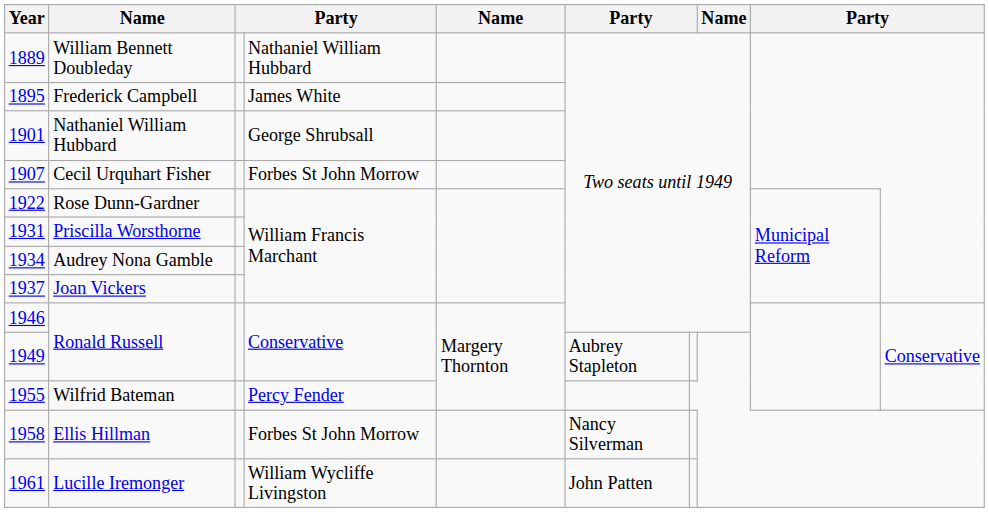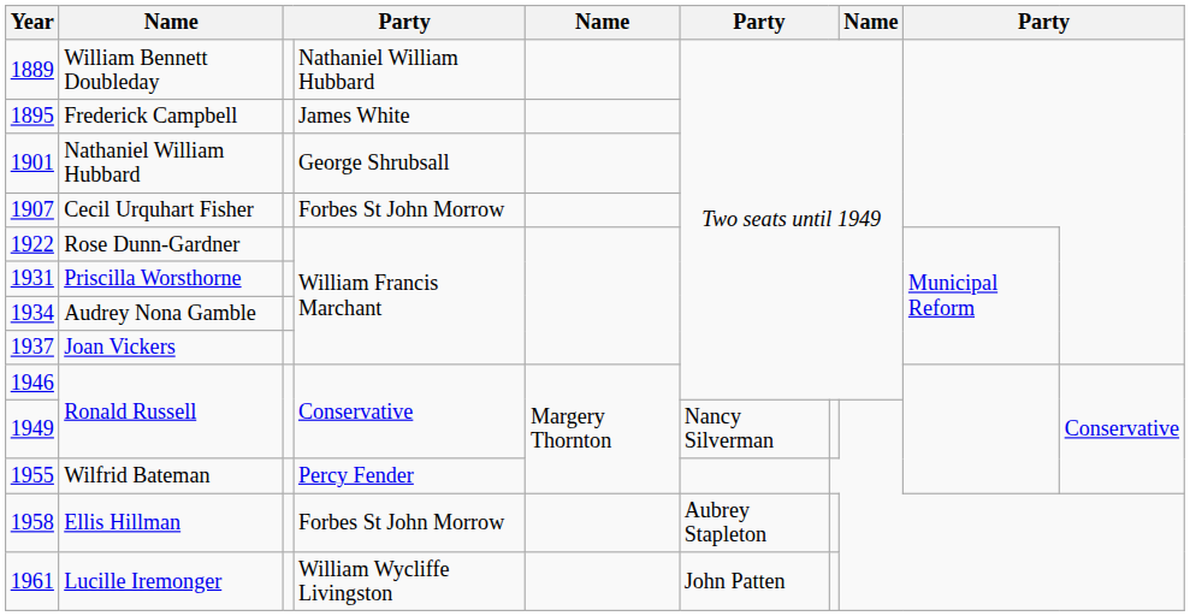 <table class="wikitable">
 <tr>
 <th>Year</th>
 <th>Name</th>
 <th colspan=2>Party</th>
 <th>Name</th>
 <th colspan=2>Party</th>
 <th>Name</th>
 <th colspan=2>Party</th>
 </tr>
 <tr>
 <td><a href='#'>1889</a></td>
 <td>William Bennett Doubleday</td>
 <td></td>
 <td>Nathaniel William Hubbard</td>
 <td></td>
 <td rowspan=9 colspan=3 align="center"><em>Two seats until 1949</em></td>
 </tr>
 <tr>
 <td><a href='#'>1895</a></td>
 <td>Frederick Campbell</td>
 <td></td>
 <td>James White</td>
 <td></td>
 </tr>
 <tr>
 <td><a href='#'>1901</a></td>
 <td>Nathaniel William Hubbard</td>
 <td></td>
 <td>George Shrubsall</td>
 <td></td>
 </tr>
 <tr>
 <td><a href='#'>1907</a></td>
 <td>Cecil Urquhart Fisher</td>
 <td></td>
 <td>Forbes St John Morrow</td>
 <td></td>
 </tr>
 <tr>
 <td><a href='#'>1922</a></td>
 <td>Rose Dunn-Gardner</td>
 <td></td>
 <td rowspan=4>William Francis Marchant</td>
 <td rowspan=4 style="background-color: "></td>
 <td rowspan=4><a href='#'>Municipal Reform</a></td>
 </tr>
 <tr>
 <td><a href='#'>1931</a></td>
 <td><a href='#'>Priscilla Worsthorne</a></td>
 <td></td>
 </tr>
 <tr>
 <td><a href='#'>1934</a></td>
 <td>Audrey Nona Gamble</td>
 <td></td>
 </tr>
 <tr>
 <td><a href='#'>1937</a></td>
 <td><a href='#'>Joan Vickers</a></td>
 <td></td>
 </tr>
 <tr>
 <td><a href='#'>1946</a></td>
 <td rowspan=2><a href='#'>Ronald Russell</a></td>
 <td rowspan=2 style="background-color: "></td>
 <td rowspan=2><a href='#'>Conservative</a></td>
 <td rowspan=3>Margery Thornton</td>
 <td rowspan=3 style="background-color: "></td>
 <td rowspan=3><a href='#'>Conservative</a></td>
 </tr>
 <tr>
 <td><a href='#'>1949</a></td>
-<td>Aubrey Stapleton</td>
+<td>Nancy Silverman</td>
 <td></td>
 </tr>
 <tr>
 <td><a href='#'>1955</a></td>
 <td>Wilfrid Bateman</td>
 <td></td>
 <td><a href='#'>Percy Fender</a></td>
 <td></td>
 </tr>
 <tr>
 <td><a href='#'>1958</a></td>
 <td><a href='#'>Ellis Hillman</a></td>
 <td></td>
 <td>Forbes St John Morrow</td>
 <td></td>
-<td>Nancy Silverman</td>
+<td>Aubrey Stapleton</td>
 <td></td>
 </tr>
 <tr>
 <td><a href='#'>1961</a></td>
 <td><a href='#'>Lucille Iremonger</a></td>
 <td></td>
 <td>William Wycliffe Livingston</td>
 <td></td>
 <td>John Patten</td>
 <td></td>
 </tr>
 </table>
